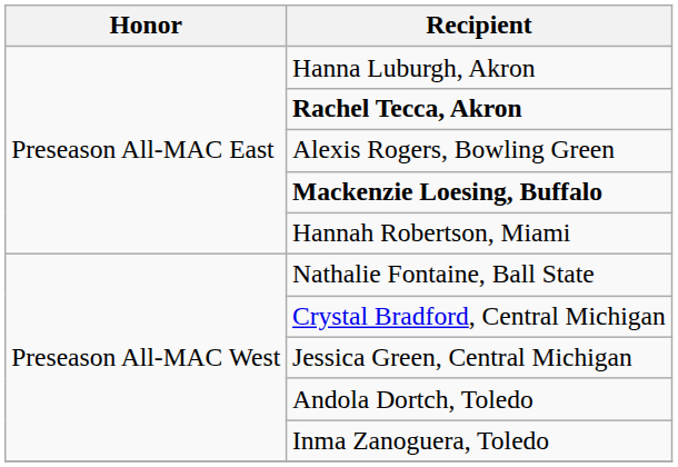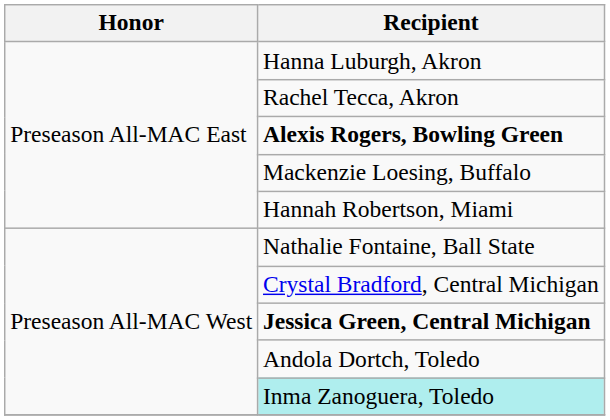 <table class="wikitable" border="1">
 <tr>
 <th>Honor</th>
 <th>Recipient</th>
 </tr>
 <tr>
 <td rowspan=5 valign=middle>Preseason All-MAC East</td>
 <td>Hanna Luburgh, Akron</td>
 </tr>
 <tr>
-<td><strong>Rachel Tecca, Akron</strong></td>
+<td>Rachel Tecca, Akron</td>
 </tr>
 <tr>
-<td>Alexis Rogers, Bowling Green</td>
+<td><strong>Alexis Rogers, Bowling Green</strong></td>
 </tr>
 <tr>
-<td><strong>Mackenzie Loesing, Buffalo</strong></td>
+<td>Mackenzie Loesing, Buffalo</td>
 </tr>
 <tr>
 <td>Hannah Robertson, Miami</td>
 </tr>
 <tr>
 <td rowspan=5 valign=middle>Preseason All-MAC West</td>
 <td>Nathalie Fontaine, Ball State</td>
 </tr>
 <tr>
 <td><a href='#'>Crystal Bradford</a>, Central Michigan</td>
 </tr>
 <tr>
-<td>Jessica Green, Central Michigan</td>
+<td><strong>Jessica Green, Central Michigan</strong></td>
 </tr>
 <tr>
 <td>Andola Dortch, Toledo</td>
 </tr>
 <tr>
-<td>Inma Zanoguera, Toledo</td>
+<td style="background: paleturquoise;">Inma Zanoguera, Toledo</td>
 </tr>
 <tr>
 </tr>
 </table>
